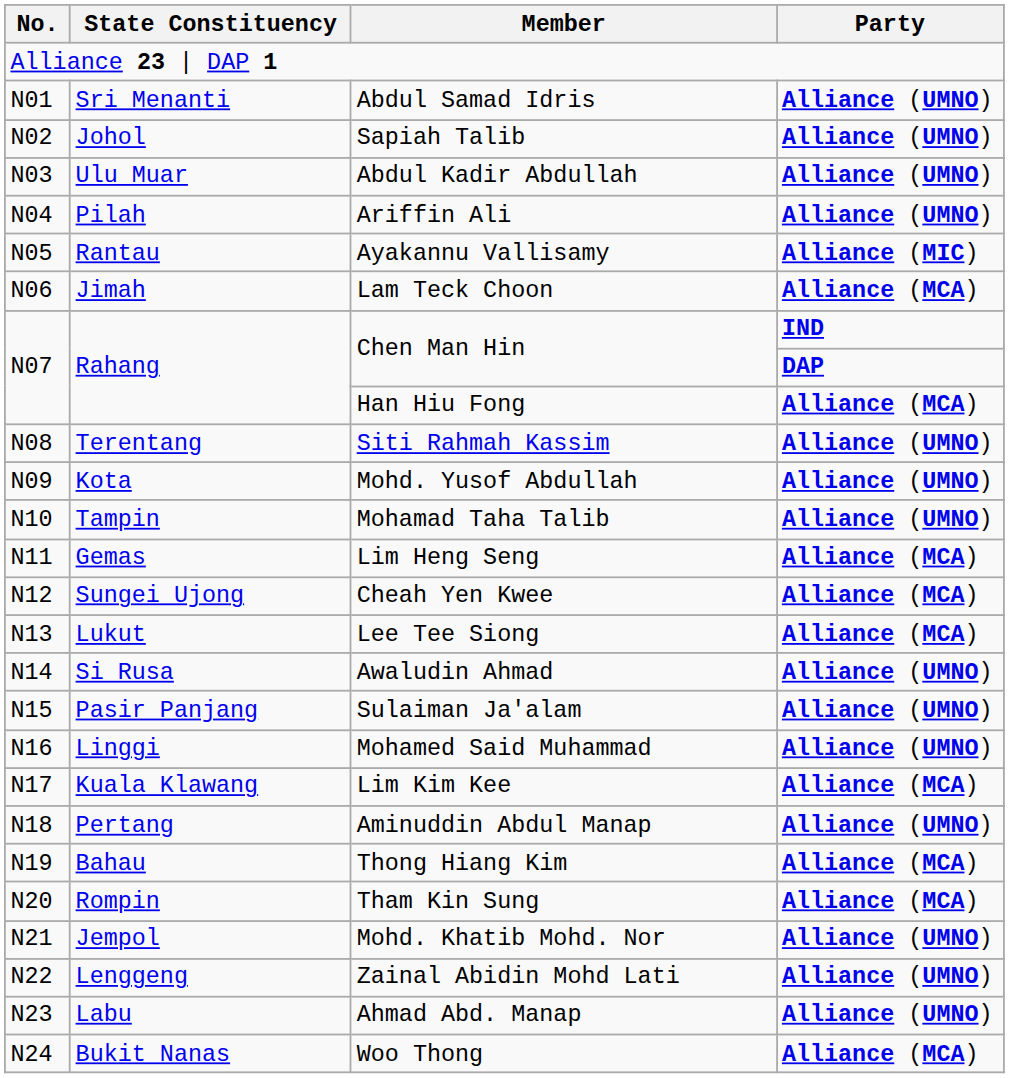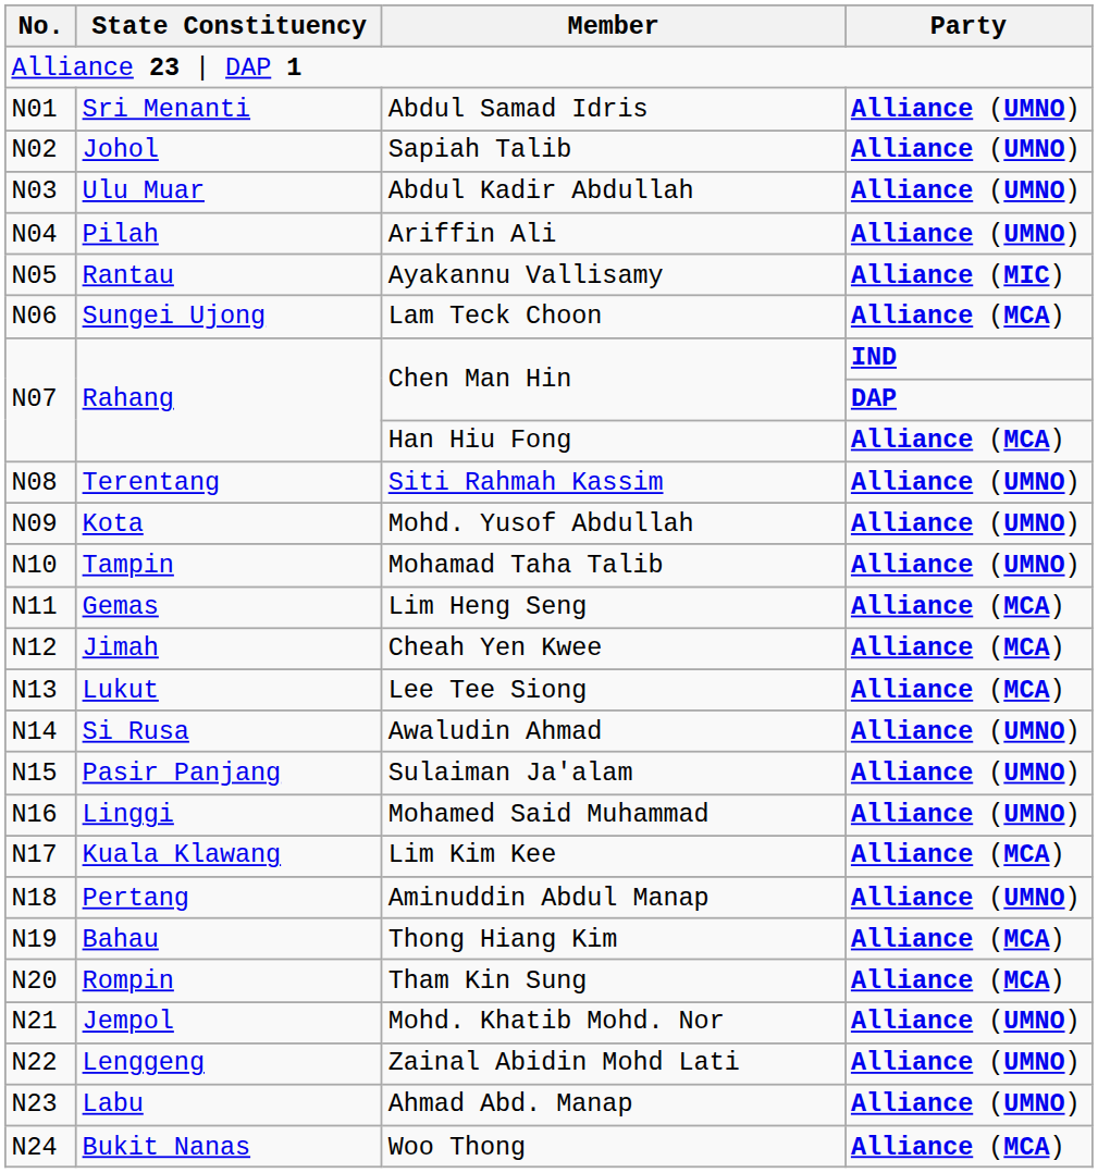 <table class="wikitable sortable">
 <tr>
 <th style="width:30px;">No.</th>
 <th style="width:150px;">State Constituency</th>
 <th style="width:230px;">Member</th>
 <th style="width:120px;">Party</th>
 </tr>
 <tr>
 <td colspan="4"><a href='#'>Alliance</a> <strong>23</strong> | <a href='#'>DAP</a> <strong>1</strong></td>
 </tr>
 <tr>
 <td>N01</td>
 <td><a href='#'>Sri Menanti</a></td>
 <td>Abdul Samad Idris</td>
 <td><strong><a href='#'>Alliance</a></strong> (<strong><a href='#'>UMNO</a></strong>)</td>
 </tr>
 <tr>
 <td>N02</td>
 <td><a href='#'>Johol</a></td>
 <td>Sapiah Talib</td>
 <td><strong><a href='#'>Alliance</a></strong> (<strong><a href='#'>UMNO</a></strong>)</td>
 </tr>
 <tr>
 <td>N03</td>
 <td><a href='#'>Ulu Muar</a></td>
 <td>Abdul Kadir Abdullah</td>
 <td><strong><a href='#'>Alliance</a></strong> (<strong><a href='#'>UMNO</a></strong>)</td>
 </tr>
 <tr>
 <td>N04</td>
 <td><a href='#'>Pilah</a></td>
 <td>Ariffin Ali</td>
 <td><strong><a href='#'>Alliance</a></strong> (<strong><a href='#'>UMNO</a></strong>)</td>
 </tr>
 <tr>
 <td>N05</td>
 <td><a href='#'>Rantau</a></td>
 <td>Ayakannu Vallisamy</td>
 <td><strong><a href='#'>Alliance</a></strong> (<strong><a href='#'>MIC</a></strong>)</td>
 </tr>
 <tr>
 <td>N06</td>
-<td><a href='#'>Jimah</a></td>
+<td><a href='#'>Sungei Ujong</a></td>
 <td>Lam Teck Choon</td>
 <td><strong><a href='#'>Alliance</a></strong> (<strong><a href='#'>MCA</a></strong>)</td>
 </tr>
 <tr>
 <td rowspan=3>N07</td>
 <td rowspan=3><a href='#'>Rahang</a></td>
 <td rowspan=2>Chen Man Hin </td>
 <td><strong><a href='#'>IND</a></strong></td>
 </tr>
 <tr>
 <td><strong><a href='#'>DAP</a></strong></td>
 </tr>
 <tr>
 <td>Han Hiu Fong </td>
 <td><strong><a href='#'>Alliance</a></strong> (<strong><a href='#'>MCA</a></strong>)</td>
 </tr>
 <tr>
 <td>N08</td>
 <td><a href='#'>Terentang</a></td>
 <td><a href='#'>Siti Rahmah Kassim</a></td>
 <td><strong><a href='#'>Alliance</a></strong> (<strong><a href='#'>UMNO</a></strong>)</td>
 </tr>
 <tr>
 <td>N09</td>
 <td><a href='#'>Kota</a></td>
 <td>Mohd. Yusof Abdullah</td>
 <td><strong><a href='#'>Alliance</a></strong> (<strong><a href='#'>UMNO</a></strong>)</td>
 </tr>
 <tr>
 <td>N10</td>
 <td><a href='#'>Tampin</a></td>
 <td>Mohamad Taha Talib</td>
 <td><strong><a href='#'>Alliance</a></strong> (<strong><a href='#'>UMNO</a></strong>)</td>
 </tr>
 <tr>
 <td>N11</td>
 <td><a href='#'>Gemas</a></td>
 <td>Lim Heng Seng</td>
 <td><strong><a href='#'>Alliance</a></strong> (<strong><a href='#'>MCA</a></strong>)</td>
 </tr>
 <tr>
 <td>N12</td>
-<td><a href='#'>Sungei Ujong</a></td>
+<td><a href='#'>Jimah</a></td>
 <td>Cheah Yen Kwee</td>
 <td><strong><a href='#'>Alliance</a></strong> (<strong><a href='#'>MCA</a></strong>)</td>
 </tr>
 <tr>
 <td>N13</td>
 <td><a href='#'>Lukut</a></td>
 <td>Lee Tee Siong</td>
 <td><strong><a href='#'>Alliance</a></strong> (<strong><a href='#'>MCA</a></strong>)</td>
 </tr>
 <tr>
 <td>N14</td>
 <td><a href='#'>Si Rusa</a></td>
 <td>Awaludin Ahmad</td>
 <td><strong><a href='#'>Alliance</a></strong> (<strong><a href='#'>UMNO</a></strong>)</td>
 </tr>
 <tr>
 <td>N15</td>
 <td><a href='#'>Pasir Panjang</a></td>
 <td>Sulaiman Ja'alam</td>
 <td><strong><a href='#'>Alliance</a></strong> (<strong><a href='#'>UMNO</a></strong>)</td>
 </tr>
 <tr>
 <td>N16</td>
 <td><a href='#'>Linggi</a></td>
 <td>Mohamed Said Muhammad</td>
 <td><strong><a href='#'>Alliance</a></strong> (<strong><a href='#'>UMNO</a></strong>)</td>
 </tr>
 <tr>
 <td>N17</td>
 <td><a href='#'>Kuala Klawang</a></td>
 <td>Lim Kim Kee</td>
 <td><strong><a href='#'>Alliance</a></strong> (<strong><a href='#'>MCA</a></strong>)</td>
 </tr>
 <tr>
 <td>N18</td>
 <td><a href='#'>Pertang</a></td>
 <td>Aminuddin Abdul Manap</td>
 <td><strong><a href='#'>Alliance</a></strong> (<strong><a href='#'>UMNO</a></strong>)</td>
 </tr>
 <tr>
 <td>N19</td>
 <td><a href='#'>Bahau</a></td>
 <td>Thong Hiang Kim</td>
 <td><strong><a href='#'>Alliance</a></strong> (<strong><a href='#'>MCA</a></strong>)</td>
 </tr>
 <tr>
 <td>N20</td>
 <td><a href='#'>Rompin</a></td>
 <td>Tham Kin Sung</td>
 <td><strong><a href='#'>Alliance</a></strong> (<strong><a href='#'>MCA</a></strong>)</td>
 </tr>
 <tr>
 <td>N21</td>
 <td><a href='#'>Jempol</a></td>
 <td>Mohd. Khatib Mohd. Nor</td>
 <td><strong><a href='#'>Alliance</a></strong> (<strong><a href='#'>UMNO</a></strong>)</td>
 </tr>
 <tr>
 <td>N22</td>
 <td><a href='#'>Lenggeng</a></td>
 <td>Zainal Abidin Mohd Lati</td>
 <td><strong><a href='#'>Alliance</a></strong> (<strong><a href='#'>UMNO</a></strong>)</td>
 </tr>
 <tr>
 <td>N23</td>
 <td><a href='#'>Labu</a></td>
 <td>Ahmad Abd. Manap</td>
 <td><strong><a href='#'>Alliance</a></strong> (<strong><a href='#'>UMNO</a></strong>)</td>
 </tr>
 <tr>
 <td>N24</td>
 <td><a href='#'>Bukit Nanas</a></td>
 <td>Woo Thong</td>
 <td><strong><a href='#'>Alliance</a></strong> (<strong><a href='#'>MCA</a></strong>)</td>
 </tr>
 </table>
